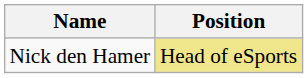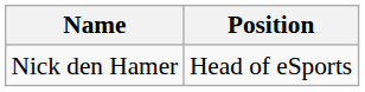 <table class="wikitable sortable">
 <tr>
 <th>Name</th>
 <th>Position</th>
 </tr>
 <tr>
 <td>Nick den Hamer</td>
-<td style="background: khaki;">Head of eSports</td>
+<td>Head of eSports</td>
 </tr>
 </table>
